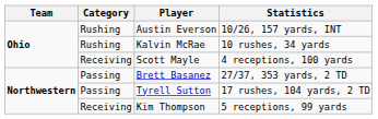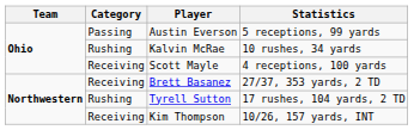 <table class="wikitable" style="float: left;">
 <tr>
 <th>Team</th>
 <th>Category</th>
 <th>Player</th>
 <th>Statistics</th>
 </tr>
 <tr>
 <td rowspan=3><strong>Ohio</strong></td>
-<td>Rushing</td>
+<td>Passing</td>
 <td>Austin Everson</td>
-<td>10/26, 157 yards, INT</td>
+<td>5 receptions, 99 yards</td>
 </tr>
 <tr>
 <td>Rushing</td>
 <td>Kalvin McRae</td>
 <td>10 rushes, 34 yards</td>
 </tr>
 <tr>
 <td>Receiving</td>
 <td>Scott Mayle</td>
 <td>4 receptions, 100 yards</td>
 </tr>
 <tr>
 <td rowspan=3><strong>Northwestern</strong></td>
-<td>Passing</td>
+<td>Receiving</td>
 <td><a href='#'>Brett Basanez</a></td>
 <td>27/37, 353 yards, 2 TD</td>
 </tr>
 <tr>
-<td>Passing</td>
+<td>Rushing</td>
 <td><a href='#'>Tyrell Sutton</a></td>
 <td>17 rushes, 104 yards, 2 TD</td>
 </tr>
 <tr>
 <td>Receiving</td>
 <td>Kim Thompson</td>
-<td>5 receptions, 99 yards</td>
+<td>10/26, 157 yards, INT</td>
 </tr>
 </table>
